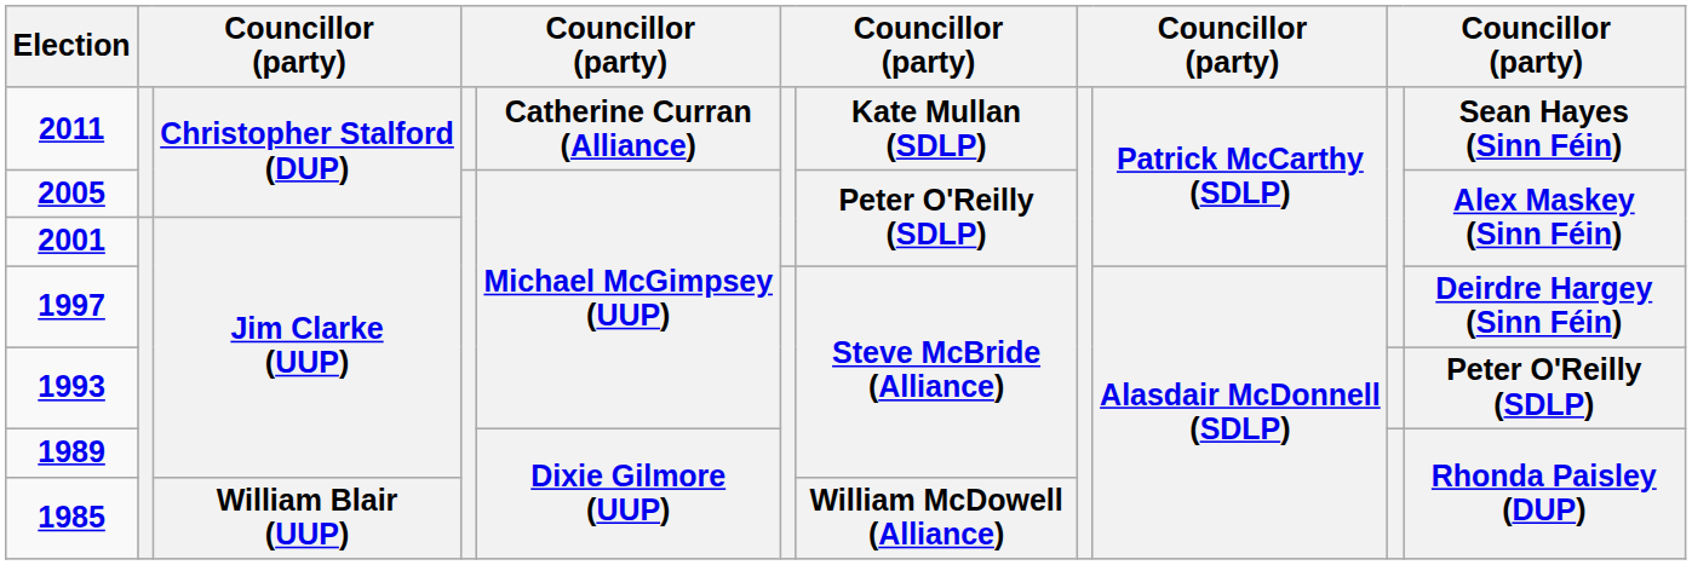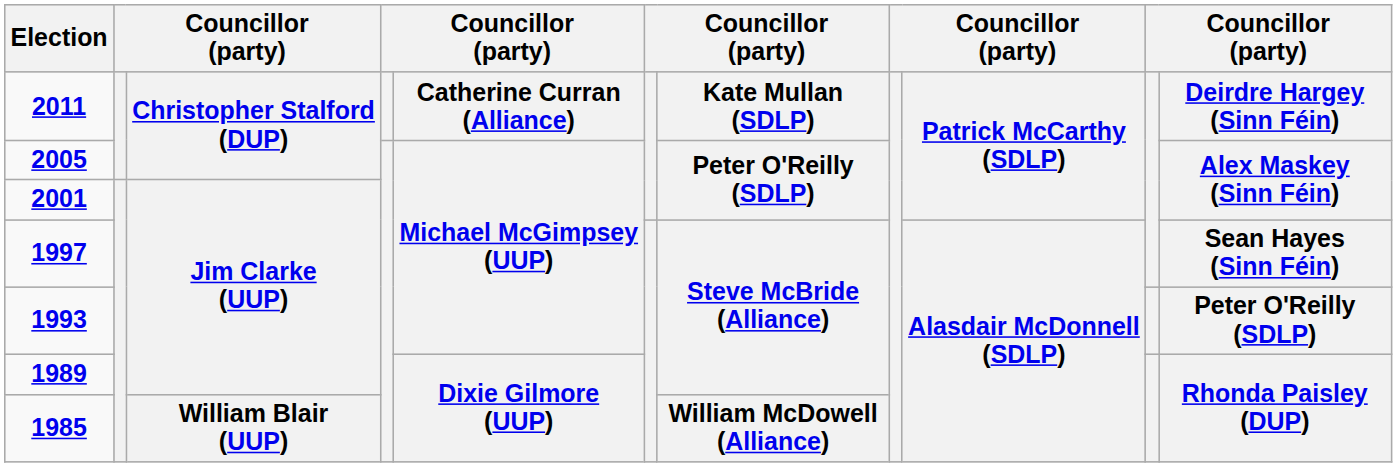 <table class="wikitable" style="text-align:center">
 <tr>
 <th scope="col" width="50">Election</th>
 <th scope="col" width="150" colspan = "2">Councillor<br> (party)</th>
 <th scope="col" width="150" colspan = "2">Councillor<br> (party)</th>
 <th scope="col" width="150" colspan = "2">Councillor<br> (party)</th>
 <th scope="col" width="150" colspan = "2">Councillor<br> (party)</th>
 <th scope="col" width="150" colspan = "2">Councillor<br> (party)</th>
 </tr>
 <tr>
 <td><strong><a href='#'>2011</a></strong></td>
 <th rowspan="2" width="1" style="background-color: "></th>
 <th rowspan= "2"><a href='#'>Christopher Stalford</a> <br> (<a href='#'>DUP</a>)</th>
 <th rowspan="1" width="1" style="background-color: "></th>
 <th rowspan= "1">Catherine Curran <br> (<a href='#'>Alliance</a>)</th>
 <th rowspan="3" width="1" style="background-color: "></th>
 <th rowspan= "1">Kate Mullan <br> (<a href='#'>SDLP</a>)</th>
 <th rowspan="7" width="1" style="background-color: "></th>
 <th rowspan= "3"><a href='#'>Patrick McCarthy</a> <br> (<a href='#'>SDLP</a>)</th>
 <th rowspan="4" width="1" style="background-color: "></th>
-<th rowspan= "1">Sean Hayes <br> (<a href='#'>Sinn Féin</a>)</th>
+<th rowspan= "1"><a href='#'>Deirdre Hargey</a> <br> (<a href='#'>Sinn Féin</a>)</th>
 </tr>
 <tr>
 <td><strong><a href='#'>2005</a></strong></td>
 <th rowspan="6" width="1" style="background-color: "></th>
 <th rowspan= "4"><a href='#'>Michael McGimpsey</a> <br> (<a href='#'>UUP</a>)</th>
 <th rowspan= "2">Peter O'Reilly <br> (<a href='#'>SDLP</a>)</th>
 <th rowspan= "2"><a href='#'>Alex Maskey</a> <br> (<a href='#'>Sinn Féin</a>)</th>
 </tr>
 <tr>
 <td><strong><a href='#'>2001</a></strong></td>
 <th rowspan="5" width="1" style="background-color: "></th>
 <th rowspan= "4"><a href='#'>Jim Clarke</a> <br> (<a href='#'>UUP</a>)</th>
 </tr>
 <tr>
 <td><strong><a href='#'>1997</a></strong></td>
 <th rowspan="4" width="1" style="background-color: "></th>
 <th rowspan= "3"><a href='#'>Steve McBride</a> <br> (<a href='#'>Alliance</a>)</th>
 <th rowspan= "4"><a href='#'>Alasdair McDonnell</a> <br> (<a href='#'>SDLP</a>)</th>
-<th rowspan= "1"><a href='#'>Deirdre Hargey</a> <br> (<a href='#'>Sinn Féin</a>)</th>
+<th rowspan= "1">Sean Hayes <br> (<a href='#'>Sinn Féin</a>)</th>
 </tr>
 <tr>
 <td><strong><a href='#'>1993</a></strong></td>
 <th rowspan="1" width="1" style="background-color: "></th>
 <th rowspan= "1">Peter O'Reilly <br> (<a href='#'>SDLP</a>)</th>
 </tr>
 <tr>
 <td><strong><a href='#'>1989</a></strong></td>
 <th rowspan= "2"><a href='#'>Dixie Gilmore</a> <br> (<a href='#'>UUP</a>)</th>
 <th rowspan="2" width="1" style="background-color: "></th>
 <th rowspan= "2"><a href='#'>Rhonda Paisley</a> <br> (<a href='#'>DUP</a>)</th>
 </tr>
 <tr>
 <td><strong><a href='#'>1985</a></strong></td>
 <th rowspan= "1">William Blair <br> (<a href='#'>UUP</a>)</th>
 <th rowspan= "1">William McDowell <br> (<a href='#'>Alliance</a>)</th>
 </tr>
 </table>
